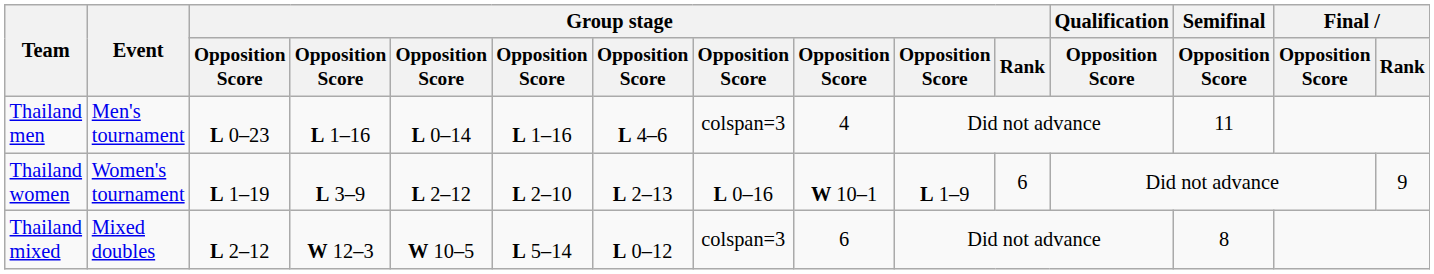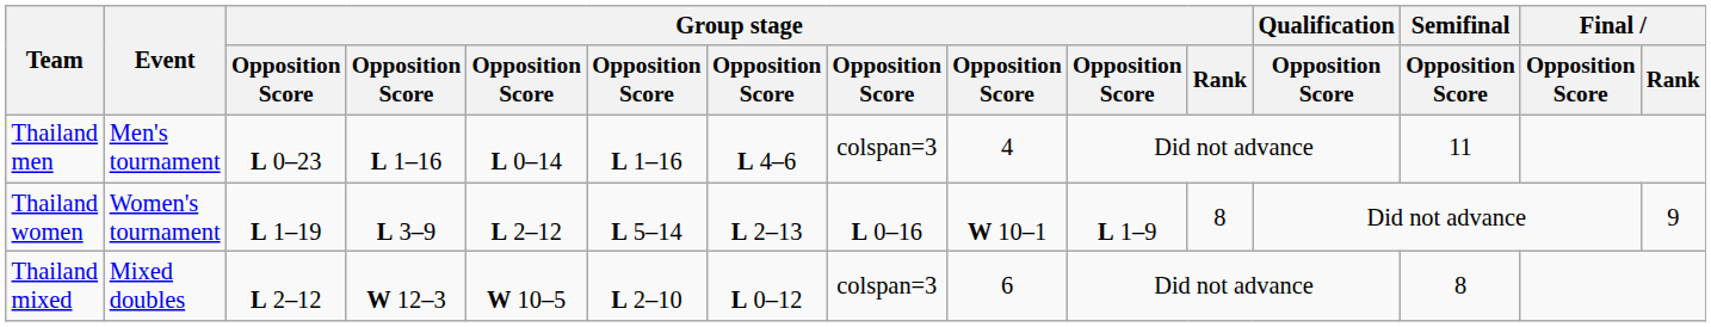 <table class=wikitable style=font-size:85%;text-align:center>
 <tr>
 <th rowspan=2>Team</th>
 <th rowspan=2>Event</th>
 <th colspan=9>Group stage</th>
 <th>Qualification</th>
 <th>Semifinal</th>
 <th colspan=2>Final / </th>
 </tr>
 <tr style=font-size:95%>
 <th>Opposition<br>Score</th>
 <th>Opposition<br>Score</th>
 <th>Opposition<br>Score</th>
 <th>Opposition<br>Score</th>
 <th>Opposition<br>Score</th>
 <th>Opposition<br>Score</th>
 <th>Opposition<br>Score</th>
 <th>Opposition<br>Score</th>
 <th>Rank</th>
 <th>Opposition<br>Score</th>
 <th>Opposition<br>Score</th>
 <th>Opposition<br>Score</th>
 <th>Rank</th>
 </tr>
 <tr>
 <td align=left><a href='#'>Thailand men</a></td>
 <td align=left><a href='#'>Men's tournament</a></td>
 <td><br><strong>L</strong> 0–23</td>
 <td><br><strong>L</strong> 1–16</td>
 <td><br><strong>L</strong> 0–14</td>
 <td><br><strong>L</strong> 1–16</td>
 <td><br><strong>L</strong> 4–6</td>
 <td>colspan=3 </td>
 <td>4</td>
 <td colspan=3>Did not advance</td>
 <td>11</td>
 </tr>
 <tr>
 <td align=left><a href='#'>Thailand women</a></td>
 <td align=left><a href='#'>Women's tournament</a></td>
 <td><br><strong>L</strong> 1–19</td>
 <td><br><strong>L</strong> 3–9</td>
 <td><br><strong>L</strong> 2–12</td>
-<td><br><strong>L</strong> 2–10</td>
+<td><br><strong>L</strong> 5–14</td>
 <td><br><strong>L</strong> 2–13</td>
 <td><br><strong>L</strong> 0–16</td>
 <td><br><strong>W</strong> 10–1</td>
 <td><br><strong>L</strong> 1–9</td>
-<td>6</td>
+<td>8</td>
 <td colspan=3>Did not advance</td>
 <td>9</td>
 </tr>
 <tr>
 <td align=left><a href='#'>Thailand mixed</a></td>
 <td align=left><a href='#'>Mixed doubles</a></td>
 <td><br><strong>L</strong> 2–12</td>
 <td><br><strong>W</strong> 12–3</td>
 <td><br><strong>W</strong> 10–5</td>
-<td><br><strong>L</strong> 5–14</td>
+<td><br><strong>L</strong> 2–10</td>
 <td><br><strong>L</strong> 0–12</td>
 <td>colspan=3 </td>
 <td>6</td>
 <td colspan=3>Did not advance</td>
 <td>8</td>
 </tr>
 </table>
